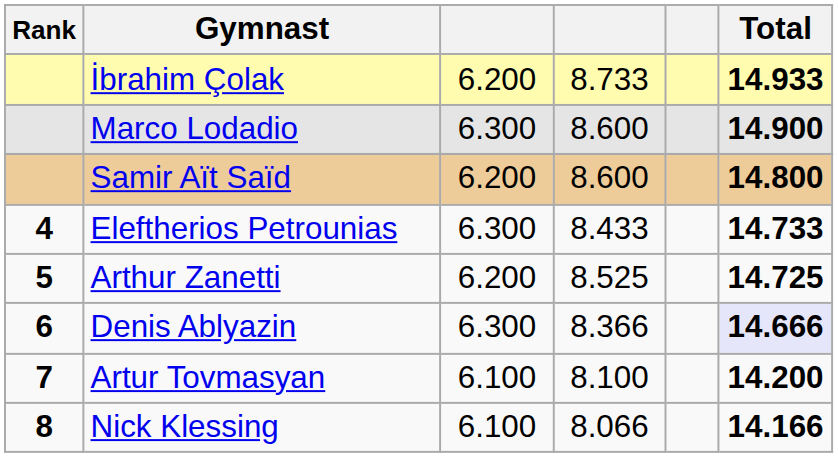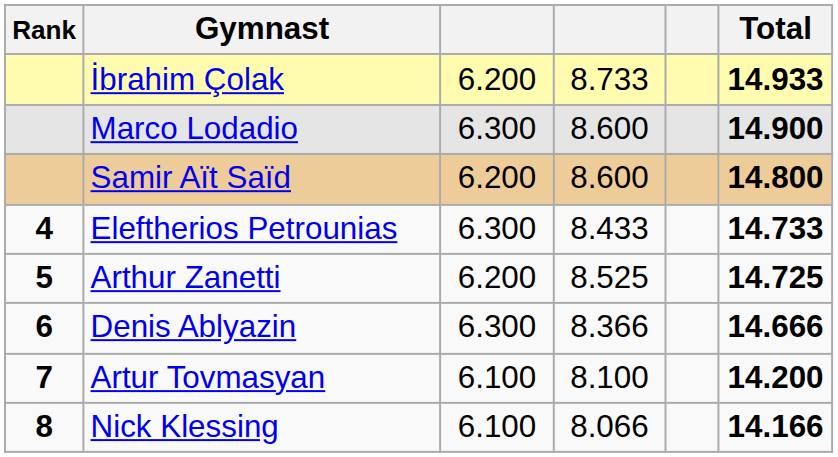 <table style="text-align:center;" class="wikitable sortable">
 <tr>
 <th scope="col" style="width:15px;"><small>Rank</small></th>
 <th scope="col" style="width:175px;">Gymnast</th>
 <th scope="col" style="width:50px;"><small></small></th>
 <th scope="col" style="width:50px;"><small></small></th>
 <th scope="col" style="width:20px;"><small></small></th>
 <th scope="col" style="width:50px;">Total</th>
 </tr>
 <tr style="background:#fffcaf;">
 <td scope="row" style="text-align:center"><strong></strong></td>
 <td style="text-align:left;"> <a href='#'>İbrahim Çolak</a></td>
 <td>6.200</td>
 <td>8.733</td>
 <td></td>
 <td><strong>14.933</strong></td>
 </tr>
 <tr style="background:#e5e5e5;">
 <td scope="row" style="text-align:center"><strong></strong></td>
 <td style="text-align:left;"> <a href='#'>Marco Lodadio</a></td>
 <td>6.300</td>
 <td>8.600</td>
 <td></td>
 <td><strong>14.900</strong></td>
 </tr>
 <tr>
 </tr>
 <tr style="background:#ec9;">
 <td scope="row" style="text-align:center"><strong></strong></td>
 <td style="text-align:left;"> <a href='#'>Samir Aït Saïd</a></td>
 <td>6.200</td>
 <td>8.600</td>
 <td></td>
 <td><strong>14.800</strong></td>
 </tr>
 <tr>
 <td scope="row" style="text-align:center"><strong>4</strong></td>
 <td style="text-align:left;"> <a href='#'>Eleftherios Petrounias</a></td>
 <td>6.300</td>
 <td>8.433</td>
 <td></td>
 <td><strong>14.733</strong></td>
 </tr>
 <tr>
 <td scope="row" style="text-align:center"><strong>5</strong></td>
 <td style="text-align:left;"> <a href='#'>Arthur Zanetti</a></td>
 <td>6.200</td>
 <td>8.525</td>
 <td></td>
 <td><strong>14.725</strong></td>
 </tr>
 <tr>
 <td scope="row" style="text-align:center"><strong>6</strong></td>
 <td style="text-align:left;"> <a href='#'>Denis Ablyazin</a></td>
 <td>6.300</td>
 <td>8.366</td>
 <td></td>
-<td style="background: lavender;"><strong>14.666</strong></td>
+<td><strong>14.666</strong></td>
 </tr>
 <tr>
 <td scope="row" style="text-align:center"><strong>7</strong></td>
 <td style="text-align:left;"> <a href='#'>Artur Tovmasyan</a></td>
 <td>6.100</td>
 <td>8.100</td>
 <td></td>
 <td><strong>14.200</strong></td>
 </tr>
 <tr>
 <td scope="row" style="text-align:center"><strong>8</strong></td>
 <td style="text-align:left;"> <a href='#'>Nick Klessing</a></td>
 <td>6.100</td>
 <td>8.066</td>
 <td></td>
 <td><strong>14.166</strong></td>
 </tr>
 </table>
